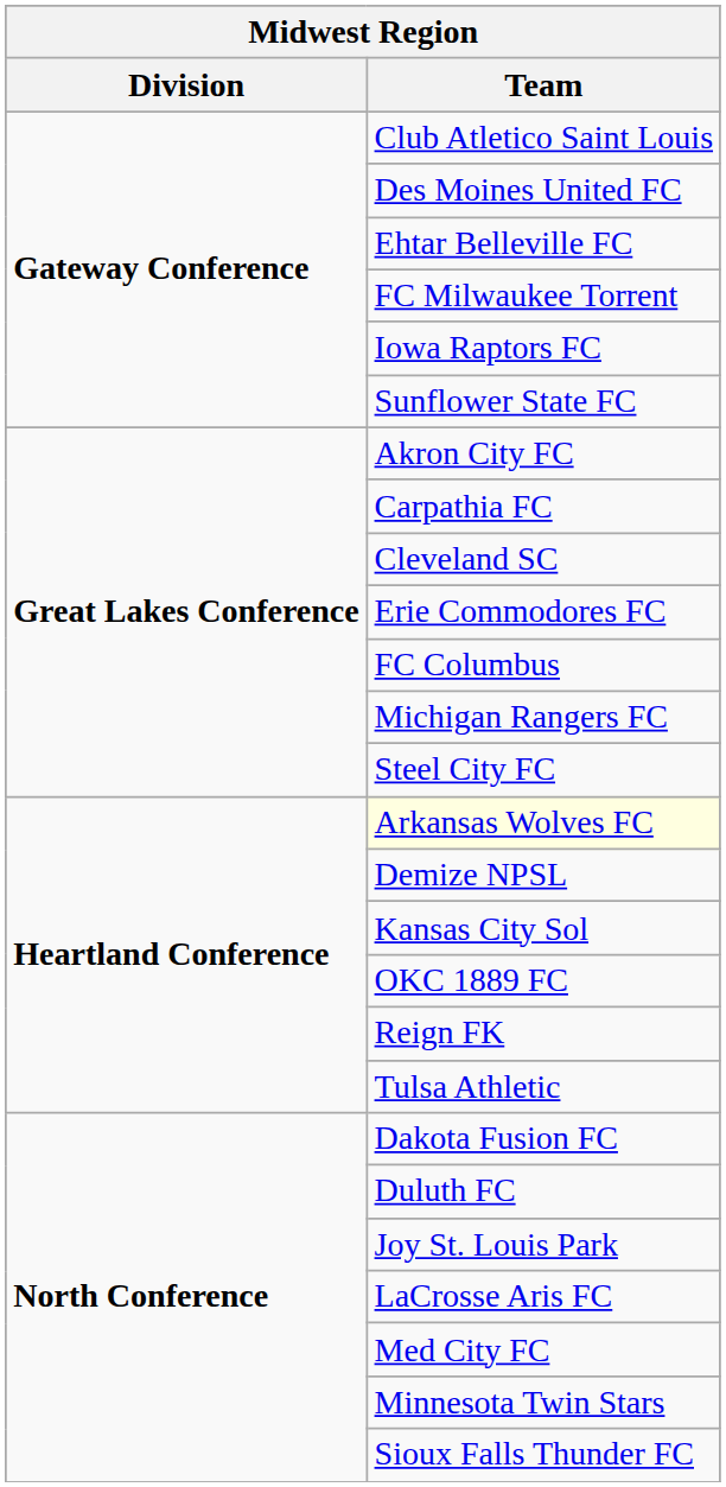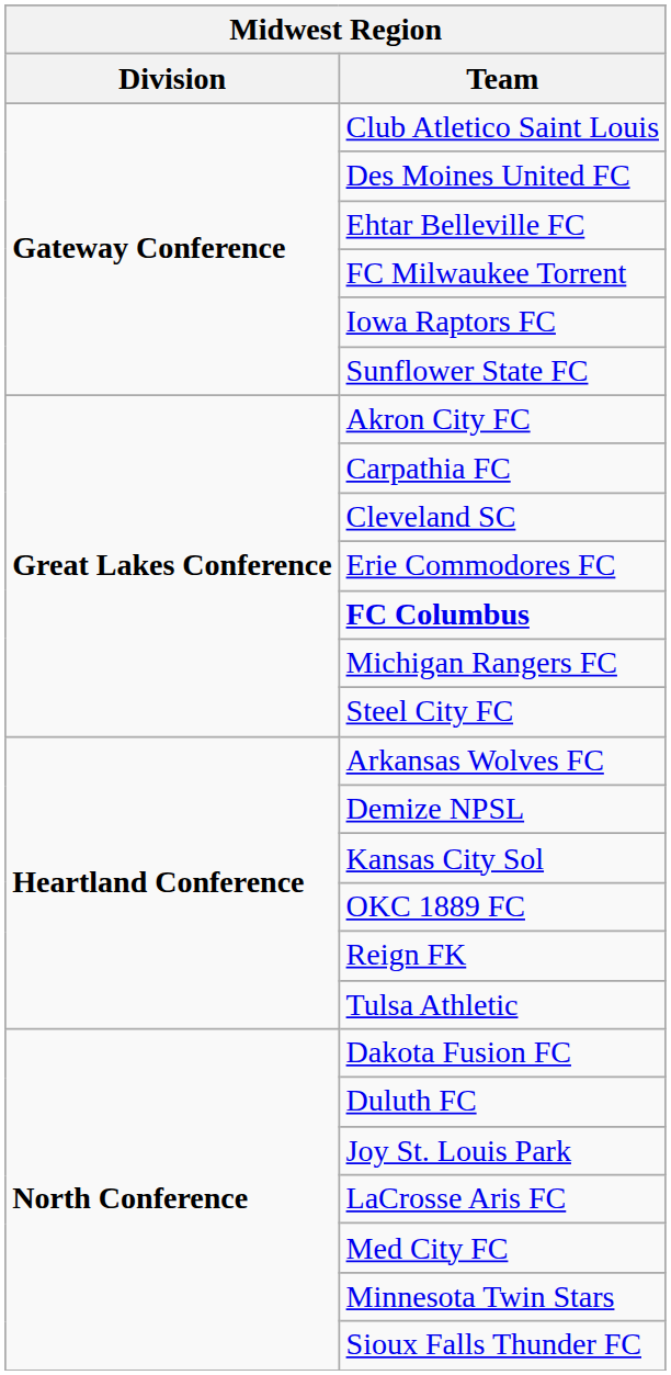 <table class="wikitable" style="text-align:left">
 <tr>
 <th colspan=3>Midwest Region</th>
 </tr>
 <tr>
 <th>Division</th>
 <th>Team</th>
 </tr>
 <tr>
 <td rowspan=6><strong>Gateway Conference</strong></td>
 <td><a href='#'>Club Atletico Saint Louis</a></td>
 </tr>
 <tr>
 <td><a href='#'>Des Moines United FC</a></td>
 </tr>
 <tr>
 <td><a href='#'>Ehtar Belleville FC</a></td>
 </tr>
 <tr>
 <td><a href='#'>FC Milwaukee Torrent</a></td>
 </tr>
 <tr>
 <td><a href='#'>Iowa Raptors FC</a></td>
 </tr>
 <tr>
 <td><a href='#'>Sunflower State FC</a></td>
 </tr>
 <tr>
 <td rowspan=7><strong>Great Lakes Conference</strong></td>
 <td><a href='#'>Akron City FC</a></td>
 </tr>
 <tr>
 <td><a href='#'>Carpathia FC</a></td>
 </tr>
 <tr>
 <td><a href='#'>Cleveland SC</a></td>
 </tr>
 <tr>
 <td><a href='#'>Erie Commodores FC</a></td>
 </tr>
 <tr>
-<td><a href='#'>FC Columbus</a></td>
+<td><strong><a href='#'>FC Columbus</a></strong></td>
 </tr>
 <tr>
 <td><a href='#'>Michigan Rangers FC</a></td>
 </tr>
 <tr>
 <td><a href='#'>Steel City FC</a></td>
 </tr>
 <tr>
 <td rowspan=6><strong>Heartland Conference</strong></td>
-<td style="background: lightyellow;"><a href='#'>Arkansas Wolves FC</a></td>
+<td><a href='#'>Arkansas Wolves FC</a></td>
 </tr>
 <tr>
 <td><a href='#'>Demize NPSL</a></td>
 </tr>
 <tr>
 <td><a href='#'>Kansas City Sol</a></td>
 </tr>
 <tr>
 <td><a href='#'>OKC 1889 FC</a></td>
 </tr>
 <tr>
 <td><a href='#'>Reign FK</a></td>
 </tr>
 <tr>
 <td><a href='#'>Tulsa Athletic</a></td>
 </tr>
 <tr>
 <td rowspan=7><strong>North Conference</strong></td>
 <td><a href='#'>Dakota Fusion FC</a></td>
 </tr>
 <tr>
 <td><a href='#'>Duluth FC</a></td>
 </tr>
 <tr>
 <td><a href='#'>Joy St. Louis Park</a></td>
 </tr>
 <tr>
 <td><a href='#'>LaCrosse Aris FC</a></td>
 </tr>
 <tr>
 <td><a href='#'>Med City FC</a></td>
 </tr>
 <tr>
 <td><a href='#'>Minnesota Twin Stars</a></td>
 </tr>
 <tr>
 <td><a href='#'>Sioux Falls Thunder FC</a></td>
 </tr>
 <tr>
 </tr>
 </table>
